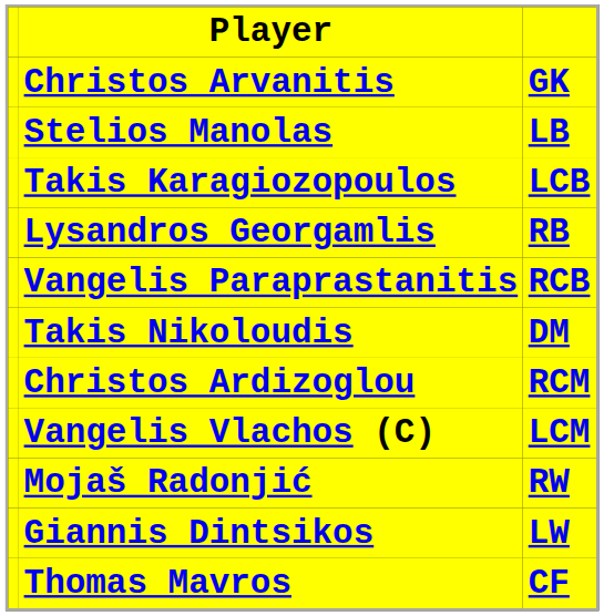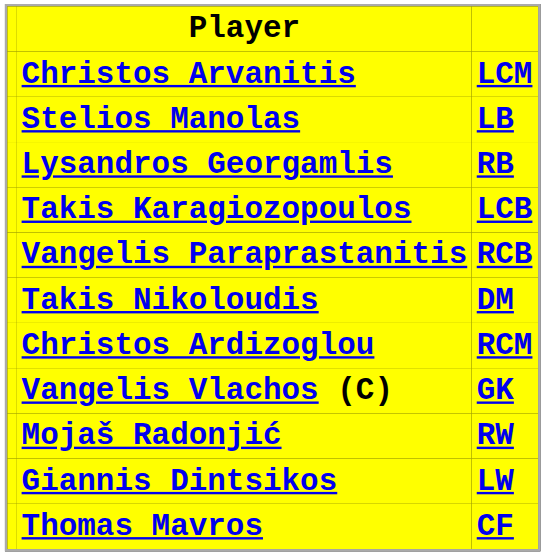 <table class="toccolours" border="0" cellpadding="2" cellspacing="0" align="center" style="margin: 0.5em 0 1em 1em; background: #000000; border: 1px #aaaaaa solid;">
 <tr bgcolor=#FFFF00>
 <th></th>
 <th>Player</th>
 <th></th>
 </tr>
 <tr bgcolor=#FFFF00>
 <td></td>
 <td><a href='#'><span><strong>Christos Arvanitis</strong></span></a></td>
-<td><a href='#'><strong>GK</strong></a></td>
+<td><a href='#'><strong>LCM</strong></a></td>
 </tr>
 <tr bgcolor=#FFFF00>
 <td></td>
 <td><a href='#'><span><strong>Stelios Manolas</strong></span></a></td>
 <td><a href='#'><strong>LB</strong></a></td>
 </tr>
 <tr bgcolor=#FFFF00>
 <td></td>
-<td><a href='#'><span><strong>Takis Karagiozopoulos</strong></span></a></td>
-<td><a href='#'><strong>LCB</strong></a></td>
+<td><a href='#'><span><strong>Lysandros Georgamlis</strong></span></a></td>
+<td><a href='#'><strong>RB</strong></a></td>
 </tr>
 <tr bgcolor=#FFFF00>
 <td></td>
-<td><a href='#'><span><strong>Lysandros Georgamlis</strong></span></a></td>
-<td><a href='#'><strong>RB</strong></a></td>
+<td><a href='#'><span><strong>Takis Karagiozopoulos</strong></span></a></td>
+<td><a href='#'><strong>LCB</strong></a></td>
 </tr>
 <tr bgcolor=#FFFF00>
 <td></td>
 <td><a href='#'><span><strong>Vangelis Paraprastanitis</strong></span></a></td>
 <td><a href='#'><strong>RCB</strong></a></td>
 </tr>
 <tr bgcolor=#FFFF00>
 <td></td>
 <td><a href='#'><span><strong>Takis Nikoloudis</strong></span></a></td>
 <td><a href='#'><strong>DM</strong></a></td>
 </tr>
 <tr bgcolor=#FFFF00>
 <td></td>
 <td><a href='#'><span><strong>Christos Ardizoglou</strong></span></a></td>
 <td><a href='#'><strong>RCM</strong></a></td>
 </tr>
 <tr bgcolor=#FFFF00>
 <td></td>
 <td><a href='#'><span><strong>Vangelis Vlachos</strong></span></a> <strong>(C)</strong></td>
-<td><a href='#'><strong>LCM</strong></a></td>
+<td><a href='#'><strong>GK</strong></a></td>
 </tr>
 <tr bgcolor=#FFFF00>
 <td></td>
 <td><a href='#'><span><strong>Mojaš Radonjić</strong></span></a></td>
 <td><a href='#'><strong>RW</strong></a></td>
 </tr>
 <tr bgcolor=#FFFF00>
 <td></td>
 <td><a href='#'><span><strong>Giannis Dintsikos</strong></span></a></td>
 <td><a href='#'><strong>LW</strong></a></td>
 </tr>
 <tr bgcolor=#FFFF00>
 <td></td>
 <td><a href='#'><span><strong>Thomas Mavros</strong></span></a></td>
 <td><a href='#'><strong>CF</strong></a></td>
 </tr>
 </table>
